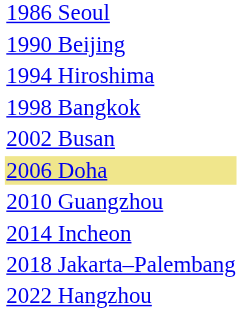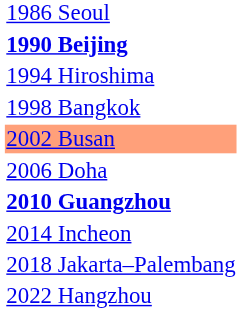 <table>
 <tr>
 <td><a href='#'>1986 Seoul</a></td>
 <td></td>
 <td></td>
 <td></td>
 </tr>
 <tr>
-<td><a href='#'>1990 Beijing</a></td>
+<td><strong><a href='#'>1990 Beijing</a></strong></td>
 <td></td>
 <td></td>
 <td></td>
 </tr>
 <tr>
 <td><a href='#'>1994 Hiroshima</a></td>
 <td></td>
 <td></td>
 <td></td>
 </tr>
 <tr>
 <td><a href='#'>1998 Bangkok</a></td>
 <td></td>
 <td></td>
 <td></td>
 </tr>
 <tr>
-<td><a href='#'>2002 Busan</a></td>
+<td style="background: lightsalmon;"><a href='#'>2002 Busan</a></td>
 <td></td>
 <td></td>
 <td></td>
 </tr>
 <tr>
-<td style="background: khaki;"><a href='#'>2006 Doha</a></td>
+<td><a href='#'>2006 Doha</a></td>
 <td></td>
 <td></td>
 <td></td>
 </tr>
 <tr>
-<td><a href='#'>2010 Guangzhou</a></td>
+<td><strong><a href='#'>2010 Guangzhou</a></strong></td>
 <td></td>
 <td></td>
 <td></td>
 </tr>
 <tr>
 <td><a href='#'>2014 Incheon</a></td>
 <td></td>
 <td></td>
 <td></td>
 </tr>
 <tr>
 <td><a href='#'>2018 Jakarta–Palembang</a></td>
 <td></td>
 <td></td>
 <td></td>
 </tr>
 <tr>
 <td><a href='#'>2022 Hangzhou</a></td>
 <td></td>
 <td></td>
 <td></td>
 </tr>
 </table>
